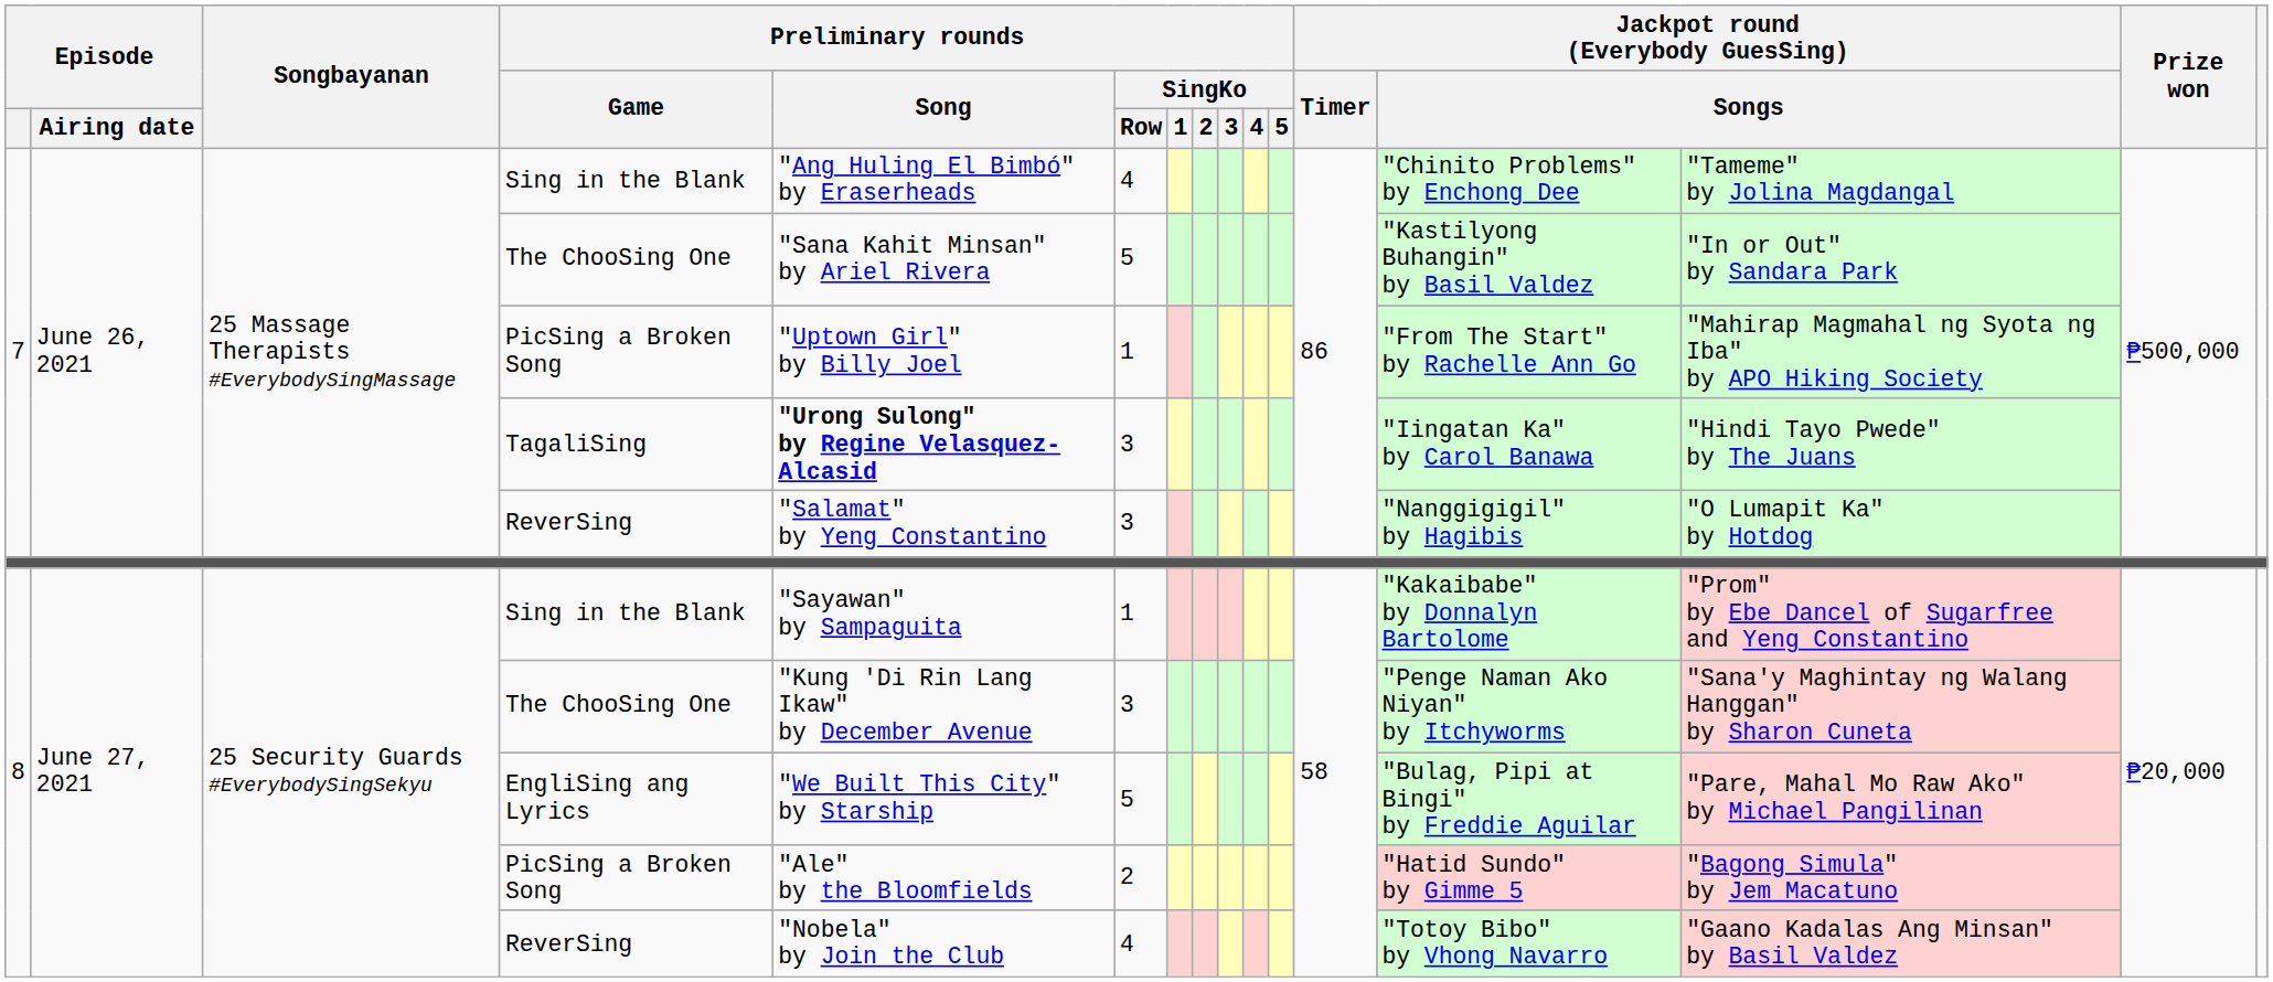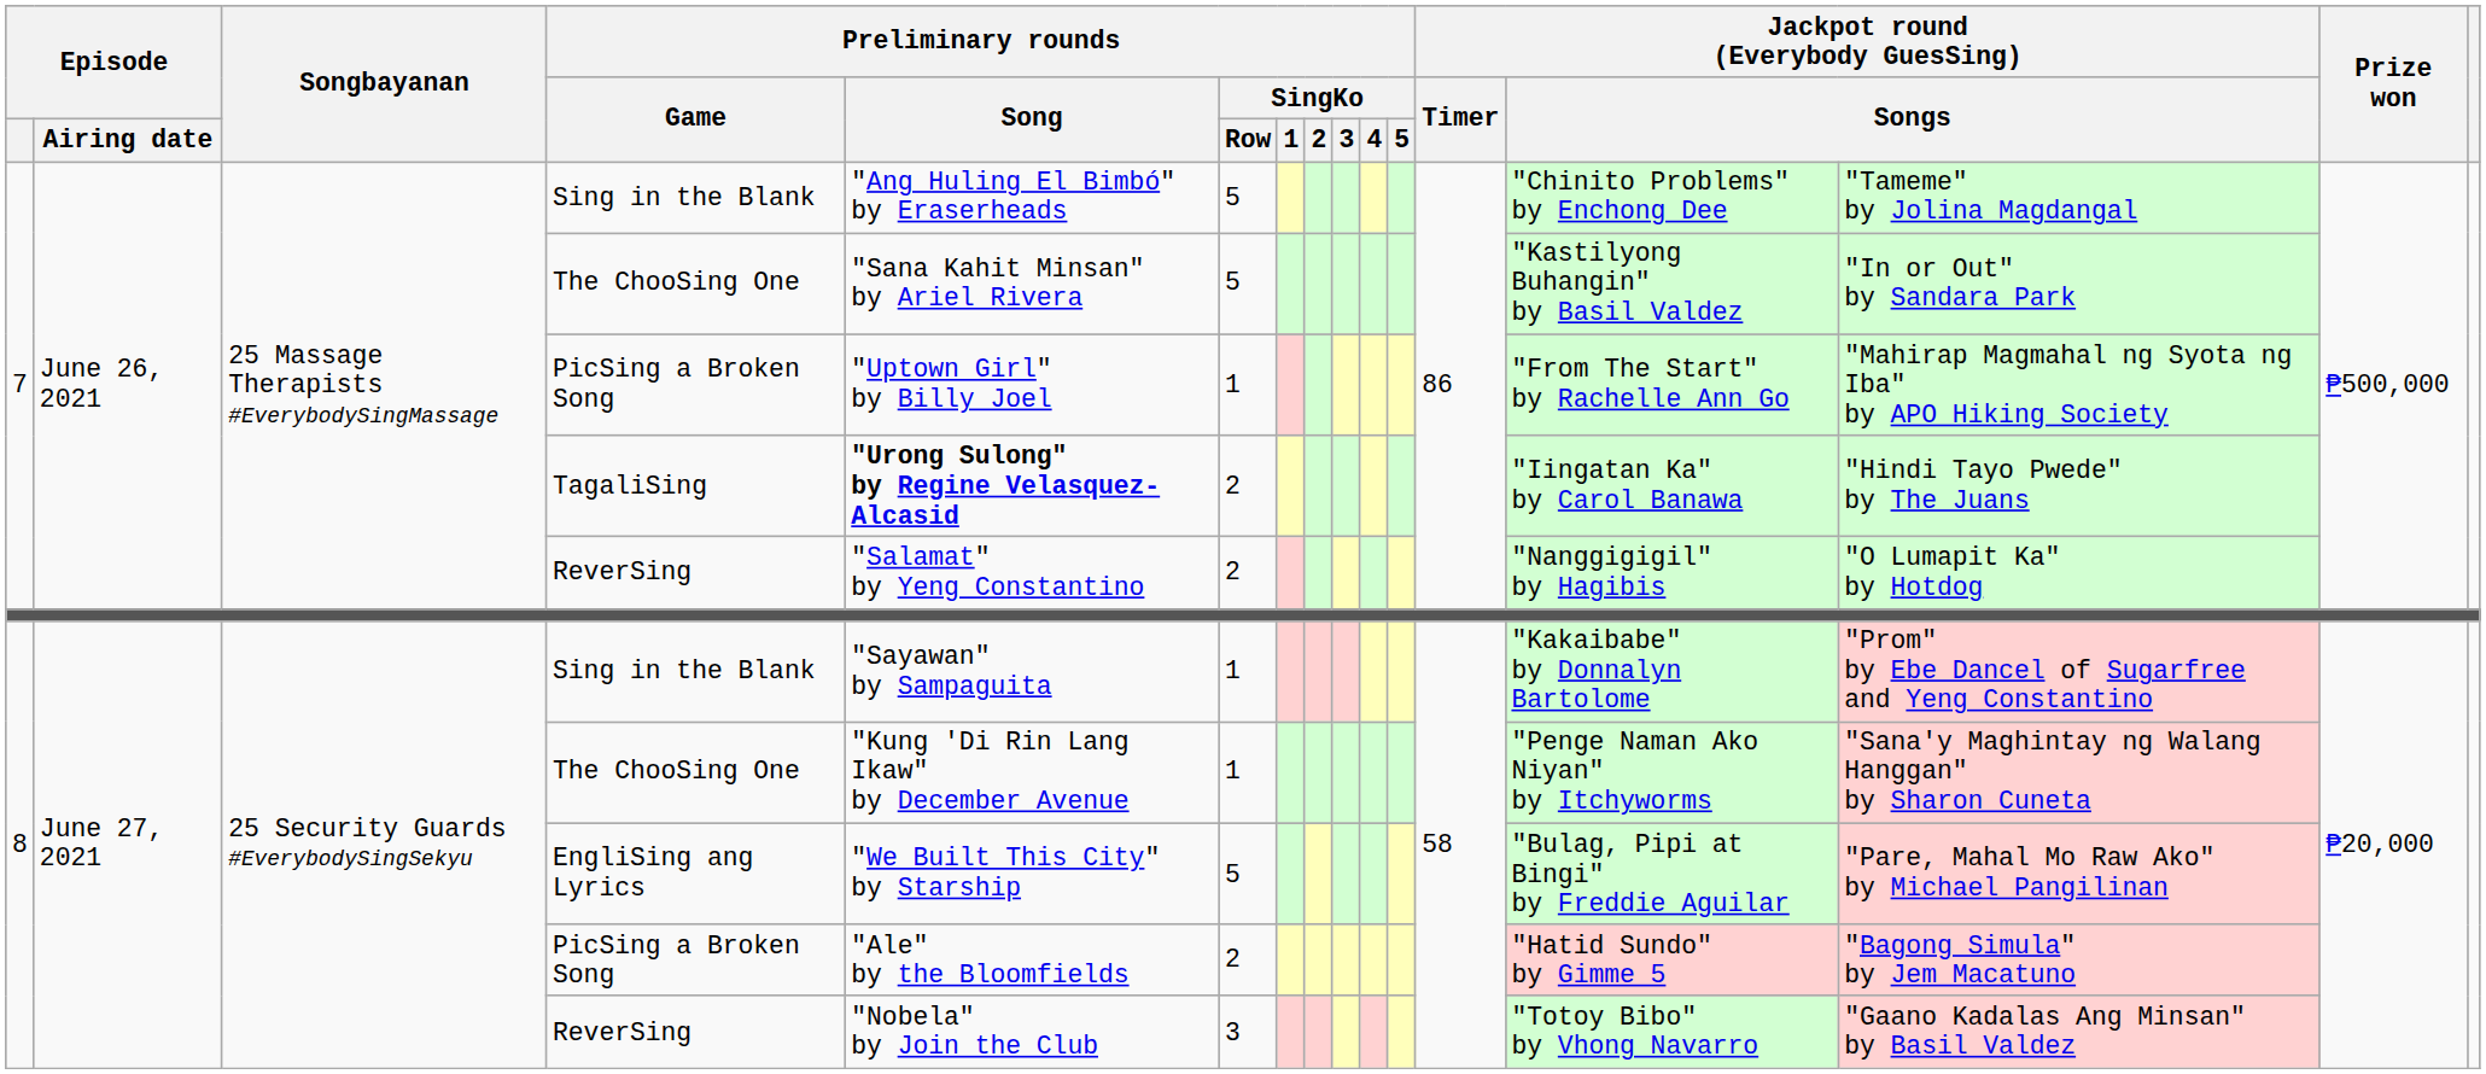 <table class="wikitable plainrowheaders mw-collapsible ">
 <tr>
 <th colspan="2" rowspan="2">Episode</th>
 <th rowspan="3">Songbayanan</th>
 <th colspan="8">Preliminary rounds</th>
 <th colspan="3">Jackpot round<br>(Everybody GuesSing)</th>
 <th rowspan="3">Prize won</th>
 <th rowspan="3"></th>
 </tr>
 <tr>
 <th rowspan="2">Game</th>
 <th rowspan="2">Song</th>
 <th colspan="6">SingKo</th>
 <th rowspan="2">Timer</th>
 <th colspan="2" rowspan="2">Songs</th>
 </tr>
 <tr>
 <th></th>
 <th>Airing date</th>
 <th>Row</th>
 <th>1</th>
 <th>2</th>
 <th>3</th>
 <th>4</th>
 <th>5</th>
 </tr>
 <tr>
 <td rowspan="5">7</td>
 <td rowspan="5">June 26, 2021</td>
 <td rowspan="5">25 Massage Therapists<br><em><small>#EverybodySingMassage</small></em></td>
 <td>Sing in the Blank</td>
 <td>"<a href='#'>Ang Huling El Bimbó</a>"<br>by <a href='#'>Eraserheads</a></td>
-<td>4</td>
+<td>5</td>
 <td style="background:#FFB"></td>
 <td style="background:#D2FFD2"></td>
 <td style="background:#D2FFD2"></td>
 <td style="background:#FFB"></td>
 <td style="background:#D2FFD2"></td>
 <td rowspan="5">86 </td>
 <td style="background:#D2FFD2">"Chinito Problems"<br>by <a href='#'>Enchong Dee</a></td>
 <td style="background:#D2FFD2">"Tameme"<br>by <a href='#'>Jolina Magdangal</a></td>
 <td rowspan="5"><a href='#'>₱</a>500,000</td>
 <td rowspan="5"><br></td>
 </tr>
 <tr>
 <td>The ChooSing One</td>
 <td>"Sana Kahit Minsan"<br>by <a href='#'>Ariel Rivera</a></td>
 <td>5</td>
 <td style="background:#D2FFD2"></td>
 <td style="background:#D2FFD2"></td>
 <td style="background:#D2FFD2"></td>
 <td style="background:#D2FFD2"></td>
 <td style="background:#D2FFD2"></td>
 <td style="background:#D2FFD2">"Kastilyong Buhangin"<br>by <a href='#'>Basil Valdez</a></td>
 <td style="background:#D2FFD2">"In or Out"<br>by <a href='#'>Sandara Park</a></td>
 </tr>
 <tr>
 <td>PicSing a Broken Song</td>
 <td>"<a href='#'>Uptown Girl</a>"<br>by <a href='#'>Billy Joel</a></td>
 <td>1</td>
 <td style="background:#FFD2D2"></td>
 <td style="background:#D2FFD2"></td>
 <td style="background:#FFB"></td>
 <td style="background:#FFB"></td>
 <td style="background:#FFB"></td>
 <td style="background:#D2FFD2">"From The Start"<br>by <a href='#'>Rachelle Ann Go</a></td>
 <td style="background:#D2FFD2">"Mahirap Magmahal ng Syota ng Iba"<br>by <a href='#'>APO Hiking Society</a></td>
 </tr>
 <tr>
 <td>TagaliSing</td>
 <td><strong>"Urong Sulong"<br>by <a href='#'>Regine Velasquez-Alcasid</a></strong></td>
-<td>3</td>
+<td>2</td>
 <td style="background:#FFB"></td>
 <td style="background:#D2FFD2"></td>
 <td style="background:#D2FFD2"></td>
 <td style="background:#FFB"></td>
 <td style="background:#D2FFD2"></td>
 <td style="background:#D2FFD2">"Iingatan Ka"<br>by <a href='#'>Carol Banawa</a></td>
 <td style="background:#D2FFD2">"Hindi Tayo Pwede"<br>by <a href='#'>The Juans</a></td>
 </tr>
 <tr>
 <td>ReverSing</td>
 <td>"<a href='#'>Salamat</a>"<br>by <a href='#'>Yeng Constantino</a></td>
-<td>3</td>
+<td>2</td>
 <td style="background:#FFD2D2"></td>
 <td style="background:#D2FFD2"></td>
 <td style="background:#FFB"></td>
 <td style="background:#D2FFD2"></td>
 <td style="background:#FFB"></td>
 <td style="background:#D2FFD2">"Nanggigigil"<br>by <a href='#'>Hagibis</a></td>
 <td style="background:#D2FFD2">"O Lumapit Ka"<br>by <a href='#'>Hotdog</a></td>
 </tr>
 <tr>
 <th colspan="16" style="background:#555"></th>
 </tr>
 <tr>
 <td rowspan="5">8</td>
 <td rowspan="5">June 27, 2021</td>
 <td rowspan="5">25 Security Guards<br><small><em>#EverybodySingSekyu</em></small></td>
 <td>Sing in the Blank</td>
 <td>"Sayawan"<br>by <a href='#'>Sampaguita</a></td>
 <td>1</td>
 <td style="background:#FFD2D2"></td>
 <td style="background:#FFD2D2"></td>
 <td style="background:#FFD2D2"></td>
 <td style="background:#FFB"></td>
 <td style="background:#FFB"></td>
 <td rowspan="5">58 </td>
 <td style="background:#D2FFD2">"Kakaibabe"<br>by <a href='#'>Donnalyn Bartolome</a></td>
 <td style="background:#FFD2D2">"Prom"<br>by <a href='#'>Ebe Dancel</a> of <a href='#'>Sugarfree</a><br>and <a href='#'>Yeng Constantino</a></td>
 <td rowspan="5"><a href='#'>₱</a>20,000</td>
 <td rowspan="5"><br></td>
 </tr>
 <tr>
 <td>The ChooSing One</td>
 <td>"Kung 'Di Rin Lang Ikaw"<br>by <a href='#'>December Avenue</a></td>
-<td>3</td>
+<td>1</td>
 <td style="background:#D2FFD2"></td>
 <td style="background:#D2FFD2"></td>
 <td style="background:#D2FFD2"></td>
 <td style="background:#D2FFD2"></td>
 <td style="background:#D2FFD2"></td>
 <td style="background:#D2FFD2">"Penge Naman Ako Niyan"<br>by <a href='#'>Itchyworms</a></td>
 <td style="background:#FFD2D2">"Sana'y Maghintay ng Walang Hanggan"<br>by <a href='#'>Sharon Cuneta</a></td>
 </tr>
 <tr>
 <td>EngliSing ang Lyrics</td>
 <td>"<a href='#'>We Built This City</a>"<br>by <a href='#'>Starship</a></td>
 <td>5</td>
 <td style="background:#D2FFD2"></td>
 <td style="background:#FFB"></td>
 <td style="background:#D2FFD2"></td>
 <td style="background:#D2FFD2"></td>
 <td style="background:#FFB"></td>
 <td style="background:#D2FFD2">"Bulag, Pipi at Bingi"<br>by <a href='#'>Freddie Aguilar</a></td>
 <td style="background:#FFD2D2">"Pare, Mahal Mo Raw Ako"<br>by <a href='#'>Michael Pangilinan</a></td>
 </tr>
 <tr>
 <td>PicSing a Broken Song</td>
 <td>"Ale"<br>by <a href='#'>the Bloomfields</a></td>
 <td>2</td>
 <td style="background:#FFB"></td>
 <td style="background:#FFB"></td>
 <td style="background:#FFB"></td>
 <td style="background:#FFB"></td>
 <td style="background:#FFB"></td>
 <td style="background:#FFD2D2">"Hatid Sundo"<br>by <a href='#'>Gimme 5</a></td>
 <td style="background:#FFD2D2">"<a href='#'>Bagong Simula</a>"<br>by <a href='#'>Jem Macatuno</a></td>
 </tr>
 <tr>
 <td>ReverSing</td>
 <td>"Nobela"<br>by <a href='#'>Join the Club</a></td>
-<td>4</td>
+<td>3</td>
 <td style="background:#FFD2D2"></td>
 <td style="background:#FFD2D2"></td>
 <td style="background:#FFB"></td>
 <td style="background:#FFD2D2"></td>
 <td style="background:#FFB"></td>
 <td style="background:#D2FFD2">"Totoy Bibo"<br>by <a href='#'>Vhong Navarro</a></td>
 <td style="background:#FFD2D2">"Gaano Kadalas Ang Minsan"<br>by <a href='#'>Basil Valdez</a></td>
 </tr>
 </table>
